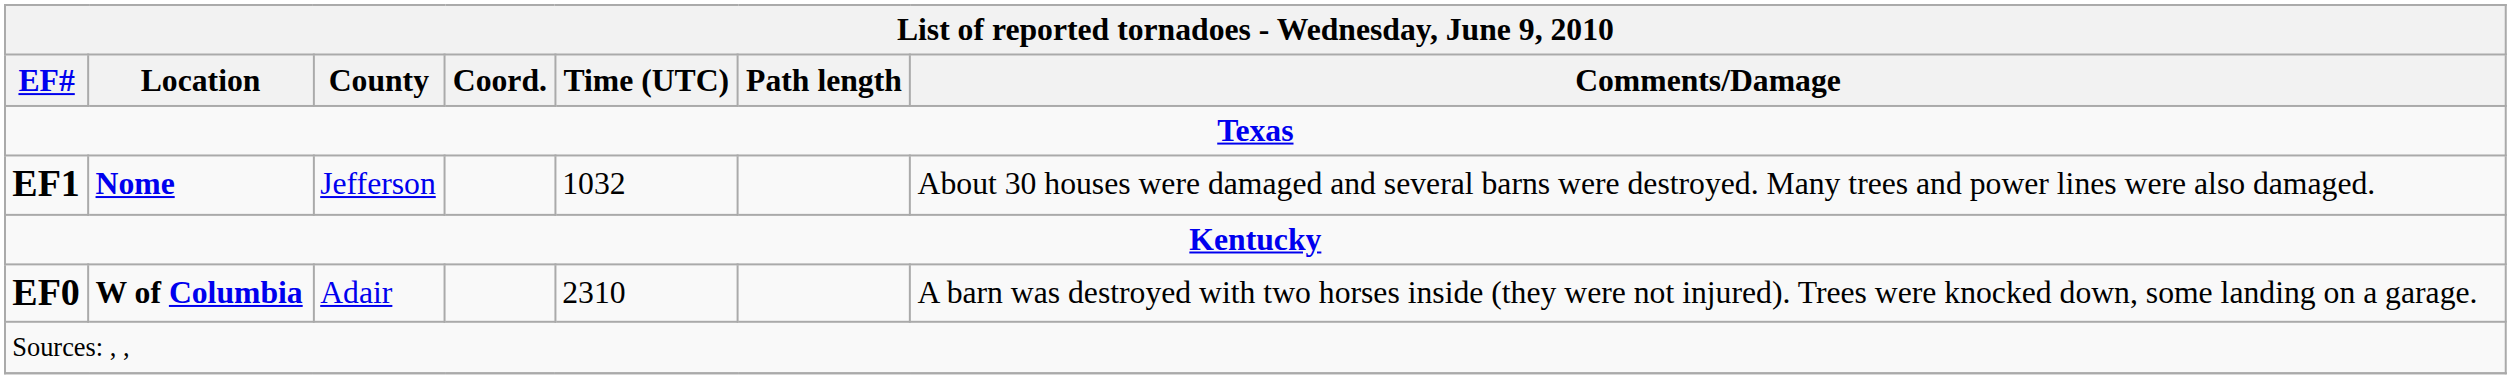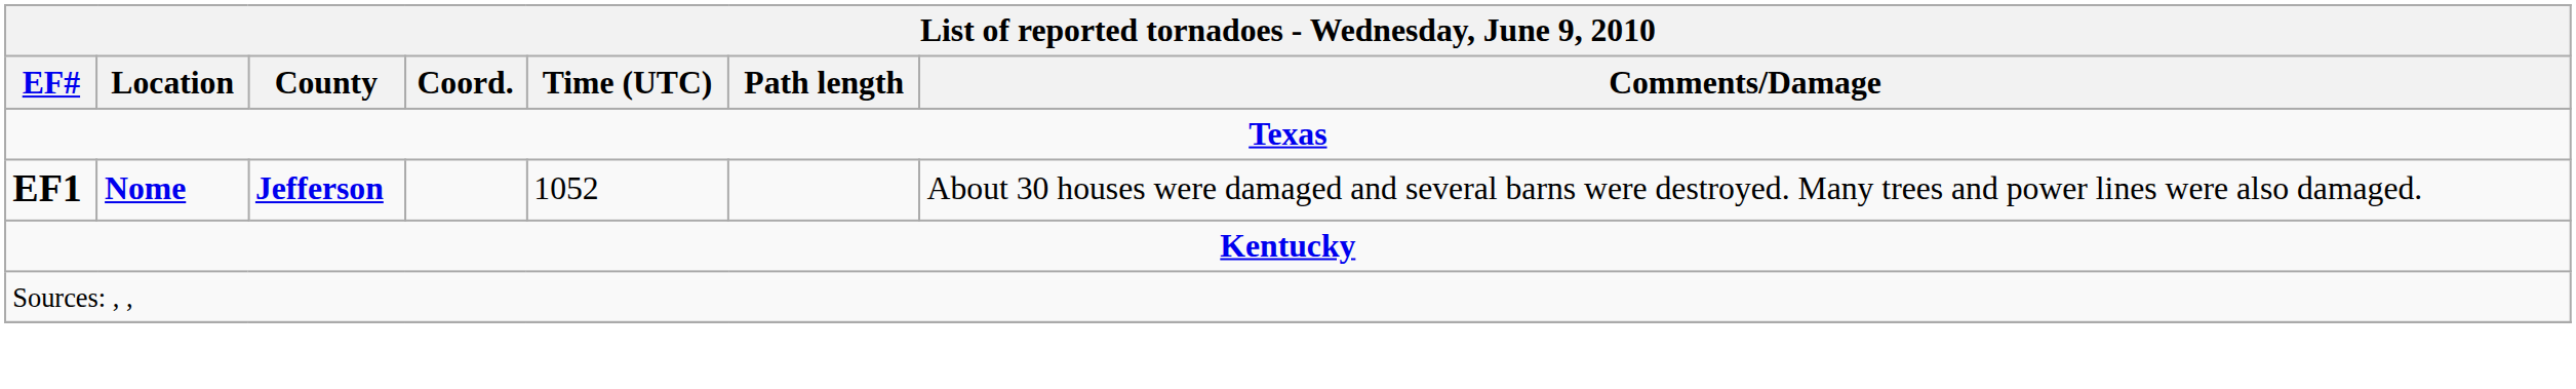 <table class="wikitable collapsible" width="100%">
 <tr>
 <th colspan="7">List of reported tornadoes - Wednesday, June 9, 2010</th>
 </tr>
 <tr>
 <th><a href='#'>EF#</a></th>
 <th>Location</th>
 <th>County</th>
 <th>Coord.</th>
 <th>Time (UTC)</th>
 <th>Path length</th>
 <th>Comments/Damage</th>
 </tr>
 <tr>
 <td colspan="7" align=center><strong><a href='#'>Texas</a></strong></td>
 </tr>
 <tr>
 <td><big><strong>EF1</strong></big></td>
 <td><strong><a href='#'>Nome</a></strong></td>
-<td><a href='#'>Jefferson</a></td>
+<td><strong><a href='#'>Jefferson</a></strong></td>
 <td></td>
-<td>1032</td>
+<td>1052</td>
 <td></td>
 <td>About 30 houses were damaged and several barns were destroyed. Many trees and power lines were also damaged.</td>
 </tr>
 <tr>
 <td colspan="7" align=center><strong><a href='#'>Kentucky</a></strong></td>
 </tr>
 <tr>
-<td><big><strong>EF0</strong></big></td>
-<td><strong>W of <a href='#'>Columbia</a></strong></td>
-<td><a href='#'>Adair</a></td>
-<td></td>
-<td>2310</td>
-<td></td>
-<td>A barn was destroyed with two horses inside (they were not injured). Trees were knocked down, some landing on a garage.</td>
-</tr>
-<tr>
 <td colspan="7"><small>Sources: , , </small></td>
 </tr>
 <tr>
 </tr>
 </table>
